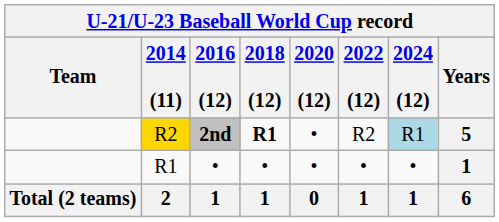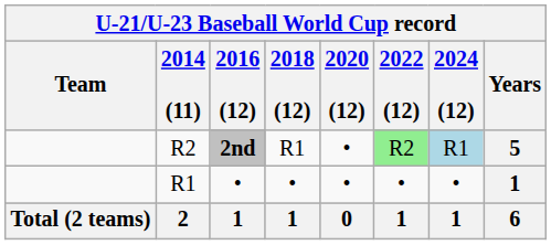 <table class="wikitable" style="text-align:center; font-size:85%;">
 <tr>
 <th colspan=26><a href='#'>U-21/U-23 Baseball World Cup</a> record</th>
 </tr>
 <tr>
 <th>Team</th>
 <th><a href='#'>2014</a><br><br>(11)</th>
 <th><a href='#'>2016</a><br><br>(12)</th>
 <th><a href='#'>2018</a><br><br>(12)</th>
 <th><a href='#'>2020</a><br><br>(12)</th>
 <th><a href='#'>2022</a><br><br>(12)</th>
 <th><a href='#'>2024</a><br><br>(12)</th>
 <th>Years</th>
 </tr>
 <tr>
 <td align=left></td>
-<td style="background: gold;">R2<br></td>
+<td>R2<br></td>
 <td style="background:Silver;"><strong>2nd</strong></td>
-<td><strong>R1<br></strong></td>
+<td>R1<br></td>
 <td>•</td>
-<td>R2<br></td>
+<td style="background: lightgreen;">R2<br></td>
 <td style="background: lightblue;">R1<br></td>
 <th>5</th>
 </tr>
 <tr>
 <td align=left></td>
 <td>R1<br></td>
 <td>•</td>
 <td>•</td>
 <td>•</td>
 <td>•</td>
 <td>•</td>
 <th>1</th>
 </tr>
 <tr>
 <th>Total (2 teams)</th>
 <th>2</th>
 <th>1</th>
 <th>1</th>
 <th>0</th>
 <th>1</th>
 <th>1</th>
 <th>6</th>
 </tr>
 </table>
